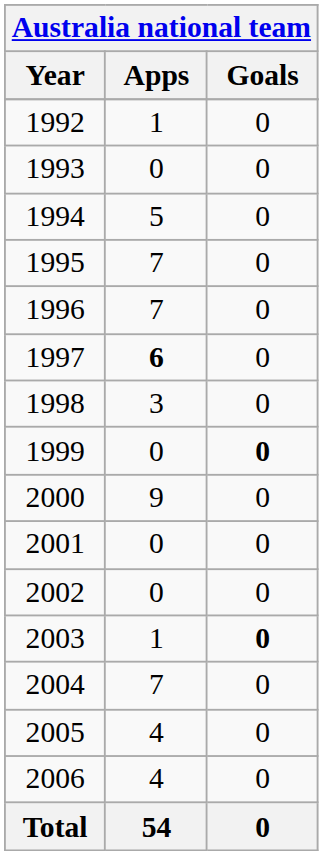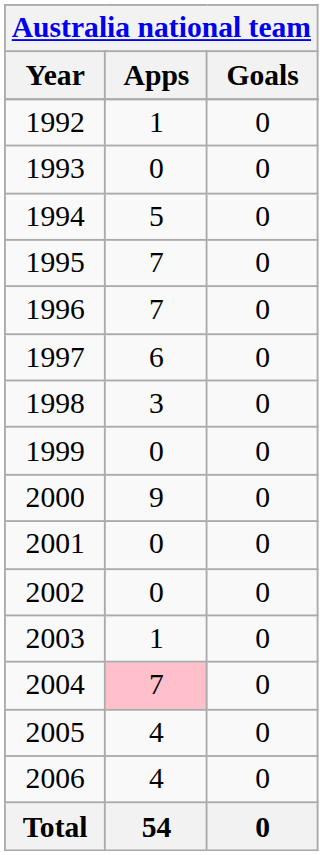 <table class="wikitable" style="text-align:center">
 <tr>
 <th colspan=3><a href='#'>Australia national team</a></th>
 </tr>
 <tr>
 <th>Year</th>
 <th>Apps</th>
 <th>Goals</th>
 </tr>
 <tr>
 </tr>
 <tr>
 <td>1992</td>
 <td>1</td>
 <td>0</td>
 </tr>
 <tr>
 <td>1993</td>
 <td>0</td>
 <td>0</td>
 </tr>
 <tr>
 <td>1994</td>
 <td>5</td>
 <td>0</td>
 </tr>
 <tr>
 <td>1995</td>
 <td>7</td>
 <td>0</td>
 </tr>
 <tr>
 <td>1996</td>
 <td>7</td>
 <td>0</td>
 </tr>
 <tr>
 <td>1997</td>
-<td><strong>6</strong></td>
+<td>6</td>
 <td>0</td>
 </tr>
 <tr>
 <td>1998</td>
 <td>3</td>
 <td>0</td>
 </tr>
 <tr>
 <td>1999</td>
 <td>0</td>
-<td><strong>0</strong></td>
+<td>0</td>
 </tr>
 <tr>
 <td>2000</td>
 <td>9</td>
 <td>0</td>
 </tr>
 <tr>
 <td>2001</td>
 <td>0</td>
 <td>0</td>
 </tr>
 <tr>
 <td>2002</td>
 <td>0</td>
 <td>0</td>
 </tr>
 <tr>
 <td>2003</td>
 <td>1</td>
-<td><strong>0</strong></td>
+<td>0</td>
 </tr>
 <tr>
 <td>2004</td>
-<td>7</td>
+<td style="background: pink;">7</td>
 <td>0</td>
 </tr>
 <tr>
 <td>2005</td>
 <td>4</td>
 <td>0</td>
 </tr>
 <tr>
 <td>2006</td>
 <td>4</td>
 <td>0</td>
 </tr>
 <tr>
 <th>Total</th>
 <th>54</th>
 <th>0</th>
 </tr>
 </table>
